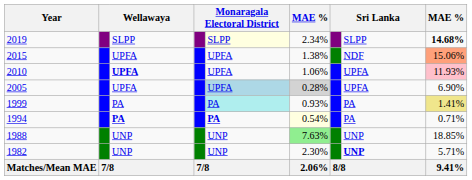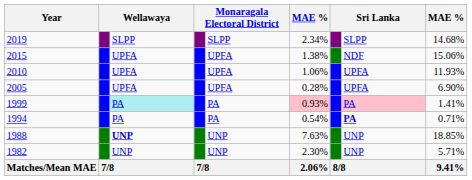 <table class="wikitable">
 <tr>
 <th>Year</th>
 <th colspan="2" width="144px">Wellawaya</th>
 <th colspan="2" width="144px"><a href='#'>Monaragala Electoral District</a></th>
 <th><a href='#'>MAE</a> %</th>
 <th colspan="2" width="144px">Sri Lanka</th>
 <th>MAE %</th>
 </tr>
 <tr>
 <td><a href='#'>2019</a></td>
 <td style="background-color:purple;" width="10px"></td>
 <td style="text-align:left;"><a href='#'>SLPP</a></td>
 <td style="background-color:purple;" width="10px"></td>
-<td style="background: lightyellow; text-align:left;"><a href='#'>SLPP</a></td>
+<td style="text-align:left;"><a href='#'>SLPP</a></td>
 <td style="text-align:right;">2.34%</td>
 <td style="background-color:purple;" width="10px"></td>
 <td style="text-align:left;"><a href='#'>SLPP</a></td>
-<td style="text-align:right;"><strong>14.68%</strong></td>
+<td style="text-align:right;">14.68%</td>
 </tr>
 <tr>
 <td><a href='#'>2015</a></td>
 <td style="background-color:blue;" width="10px"></td>
 <td style="text-align:left;"><a href='#'>UPFA</a></td>
 <td style="background-color:blue;" width="10px"></td>
 <td style="text-align:left;"><a href='#'>UPFA</a></td>
 <td style="text-align:right;">1.38%</td>
 <td style="background-color:green;" width="10px"></td>
 <td style="text-align:left;"><a href='#'>NDF</a></td>
-<td style="background: lightsalmon; text-align:right;">15.06%</td>
+<td style="text-align:right;">15.06%</td>
 </tr>
 <tr>
 <td><a href='#'>2010</a></td>
 <td style="background-color:blue;" width="10px"></td>
-<td style="text-align:left;"><strong><a href='#'>UPFA</a></strong></td>
+<td style="text-align:left;"><a href='#'>UPFA</a></td>
 <td style="background-color:blue;" width="10px"></td>
 <td style="text-align:left;"><a href='#'>UPFA</a></td>
 <td style="text-align:right;">1.06%</td>
 <td style="background-color:blue;" width="10px"></td>
 <td style="text-align:left;"><a href='#'>UPFA</a></td>
-<td style="background: pink; text-align:right;">11.93%</td>
+<td style="text-align:right;">11.93%</td>
 </tr>
 <tr>
 <td><a href='#'>2005</a></td>
 <td style="background-color:blue;" width="10px"></td>
 <td style="text-align:left;"><a href='#'>UPFA</a></td>
 <td style="background-color:blue;" width="10px"></td>
-<td style="background: lightblue; text-align:left;"><a href='#'>UPFA</a></td>
-<td style="background: lightgrey; text-align:right;">0.28%</td>
+<td style="text-align:left;"><a href='#'>UPFA</a></td>
+<td style="text-align:right;">0.28%</td>
 <td style="background-color:blue;" width="10px"></td>
 <td style="text-align:left;"><a href='#'>UPFA</a></td>
 <td style="text-align:right;">6.90%</td>
 </tr>
 <tr>
 <td><a href='#'>1999</a></td>
 <td style="background-color:blue;" width="10px"></td>
-<td style="text-align:left;"><a href='#'>PA</a></td>
-<td style="background-color:blue;" width="10px"></td>
 <td style="background: paleturquoise; text-align:left;"><a href='#'>PA</a></td>
-<td style="text-align:right;">0.93%</td>
 <td style="background-color:blue;" width="10px"></td>
 <td style="text-align:left;"><a href='#'>PA</a></td>
-<td style="background: khaki; text-align:right;">1.41%</td>
+<td style="background: pink; text-align:right;">0.93%</td>
+<td style="background-color:blue;" width="10px"></td>
+<td style="background: pink; text-align:left;"><a href='#'>PA</a></td>
+<td style="text-align:right;">1.41%</td>
 </tr>
 <tr>
 <td><a href='#'>1994</a></td>
 <td style="background-color:blue;" width="10px"></td>
-<td style="text-align:left;"><strong><a href='#'>PA</a></strong></td>
+<td style="text-align:left;"><a href='#'>PA</a></td>
+<td style="background-color:blue;" width="10px"></td>
+<td style="text-align:left;"><a href='#'>PA</a></td>
+<td style="text-align:right;">0.54%</td>
 <td style="background-color:blue;" width="10px"></td>
 <td style="text-align:left;"><strong><a href='#'>PA</a></strong></td>
-<td style="background: lightyellow; text-align:right;">0.54%</td>
-<td style="background-color:blue;" width="10px"></td>
-<td style="text-align:left;"><a href='#'>PA</a></td>
 <td style="text-align:right;">0.71%</td>
 </tr>
 <tr>
 <td><a href='#'>1988</a></td>
 <td style="background-color:green;" width="10px"></td>
-<td style="text-align:left;"><a href='#'>UNP</a></td>
+<td style="text-align:left;"><strong><a href='#'>UNP</a></strong></td>
 <td style="background-color:green;" width="10px"></td>
 <td style="text-align:left;"><a href='#'>UNP</a></td>
-<td style="background: lightgreen; text-align:right;">7.63%</td>
+<td style="text-align:right;">7.63%</td>
 <td style="background-color:green;" width="10px"></td>
 <td style="text-align:left;"><a href='#'>UNP</a></td>
 <td style="text-align:right;">18.85%</td>
 </tr>
 <tr>
 <td><a href='#'>1982</a></td>
 <td style="background-color:green;" width="10px"></td>
 <td style="text-align:left;"><a href='#'>UNP</a></td>
 <td style="background-color:green;" width="10px"></td>
 <td style="text-align:left;"><a href='#'>UNP</a></td>
 <td style="text-align:right;">2.30%</td>
 <td style="background-color:green;" width="10px"></td>
-<td style="text-align:left;"><strong><a href='#'>UNP</a></strong></td>
+<td style="text-align:left;"><a href='#'>UNP</a></td>
 <td style="text-align:right;">5.71%</td>
 </tr>
 <tr>
 <th>Matches/Mean MAE</th>
 <th style="text-align:left;"colspan="2" width="144px">7/8</th>
 <th style="text-align:left;"colspan="2" width="144px">7/8</th>
 <th style="text-align:right;">2.06%</th>
 <th style="text-align:left;"colspan="2" width="144px">8/8</th>
 <th style="text-align:right;">9.41%</th>
 </tr>
 </table>
